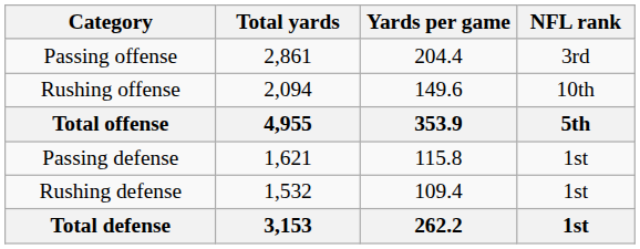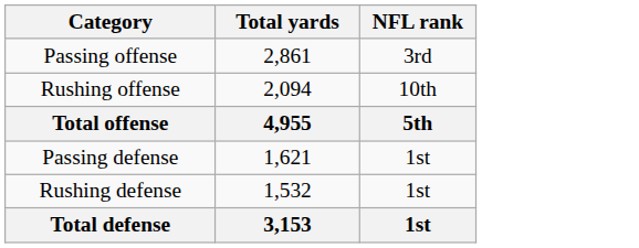 <table class="wikitable" style="text-align:center">
 <tr>
 <th width=150px>Category</th>
 <th width=100px>Total yards</th>
-<th width=110px>Yards per game</th>
 <th width=80px>NFL rank<br></th>
 </tr>
 <tr>
 <td>Passing offense</td>
 <td>2,861</td>
-<td>204.4</td>
 <td>3rd</td>
 </tr>
 <tr>
 <td>Rushing offense</td>
 <td>2,094</td>
-<td>149.6</td>
 <td>10th</td>
 </tr>
 <tr>
 <th>Total offense</th>
 <th>4,955</th>
-<th>353.9</th>
 <th>5th</th>
 </tr>
 <tr>
 <td>Passing defense</td>
 <td>1,621</td>
-<td>115.8</td>
 <td>1st</td>
 </tr>
 <tr>
 <td>Rushing defense</td>
 <td>1,532</td>
-<td>109.4</td>
 <td>1st</td>
 </tr>
 <tr>
 <th>Total defense</th>
 <th>3,153</th>
-<th>262.2</th>
 <th>1st</th>
 </tr>
 </table>
